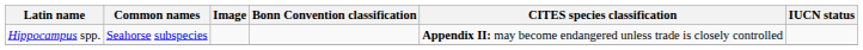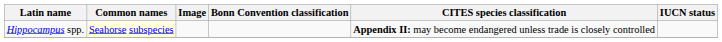 <table class="wikitable">
 <tr>
 <th scope=col>Latin name</th>
 <th scope=col>Common names</th>
 <th scope=col>Image</th>
 <th scope=col>Bonn Convention classification</th>
 <th scope=col>CITES species classification</th>
 <th scope=col>IUCN status</th>
 </tr>
 <tr>
 <td scope="row"><em><a href='#'>Hippocampus</a></em> spp.</td>
-<td><a href='#'>Seahorse</a> <a href='#'>subspecies</a></td>
+<td style="background: lightyellow;"><a href='#'>Seahorse</a> <a href='#'>subspecies</a></td>
 <td></td>
 <td></td>
 <td><strong>Appendix II:</strong> may become endangered unless trade is closely controlled</td>
 <td></td>
 </tr>
 <tr>
 </tr>
 </table>
